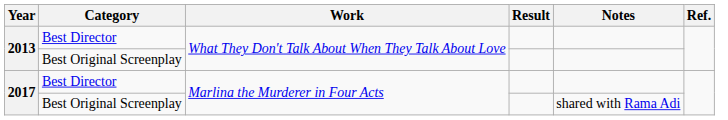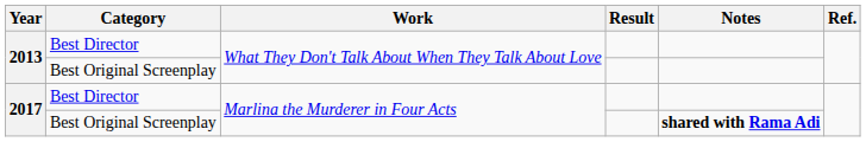 <table class="wikitable plainrowheaders sortable">
 <tr>
 <th>Year</th>
 <th>Category</th>
 <th>Work</th>
 <th>Result</th>
 <th>Notes</th>
 <th class="unsortable">Ref.</th>
 </tr>
 <tr>
 <th rowspan="2">2013</th>
 <td><a href='#'>Best Director</a></td>
 <td rowspan="2"><em><a href='#'>What They Don't Talk About When They Talk About Love</a></em></td>
 <td></td>
 <td></td>
 <td rowspan="2"></td>
 </tr>
 <tr>
 <td>Best Original Screenplay</td>
 <td></td>
 <td></td>
 </tr>
 <tr>
 <th rowspan="2">2017</th>
 <td><a href='#'>Best Director</a></td>
 <td rowspan="2"><em><a href='#'>Marlina the Murderer in Four Acts</a></em></td>
 <td></td>
 <td></td>
 <td rowspan="2"></td>
 </tr>
 <tr>
 <td>Best Original Screenplay</td>
 <td></td>
-<td>shared with <a href='#'>Rama Adi</a></td>
+<td><strong>shared with <a href='#'>Rama Adi</a></strong></td>
 </tr>
 </table>
